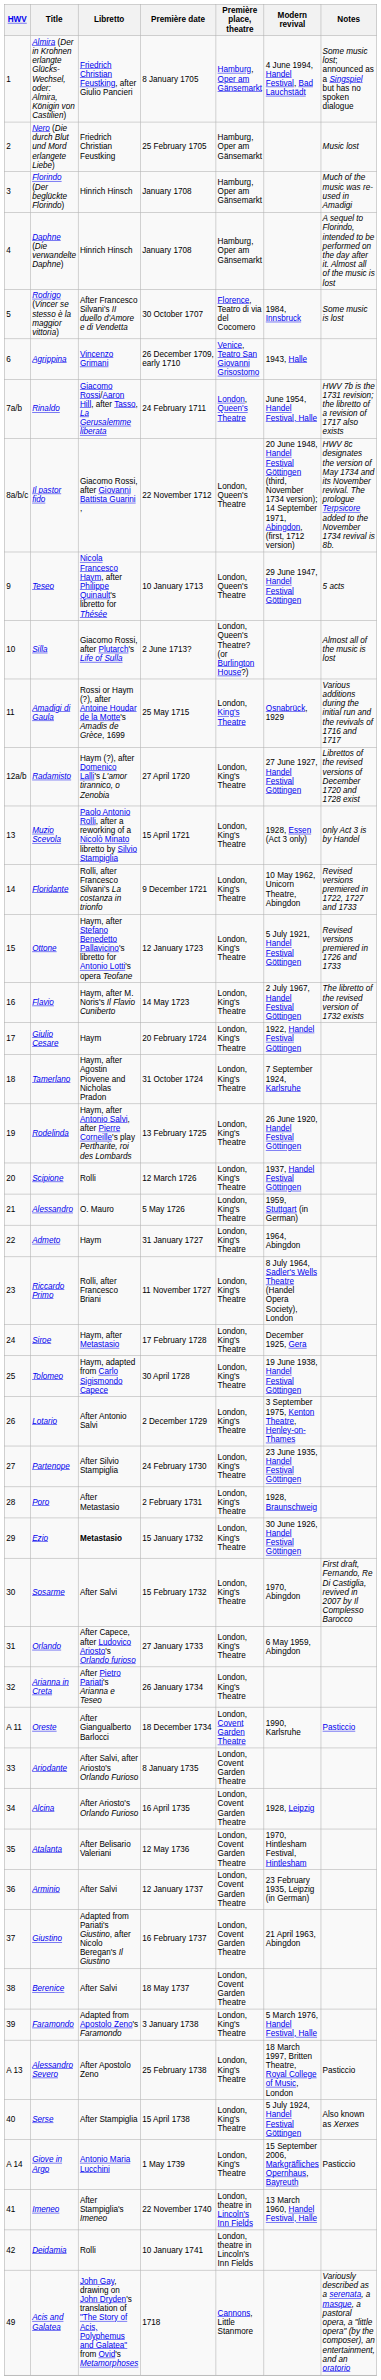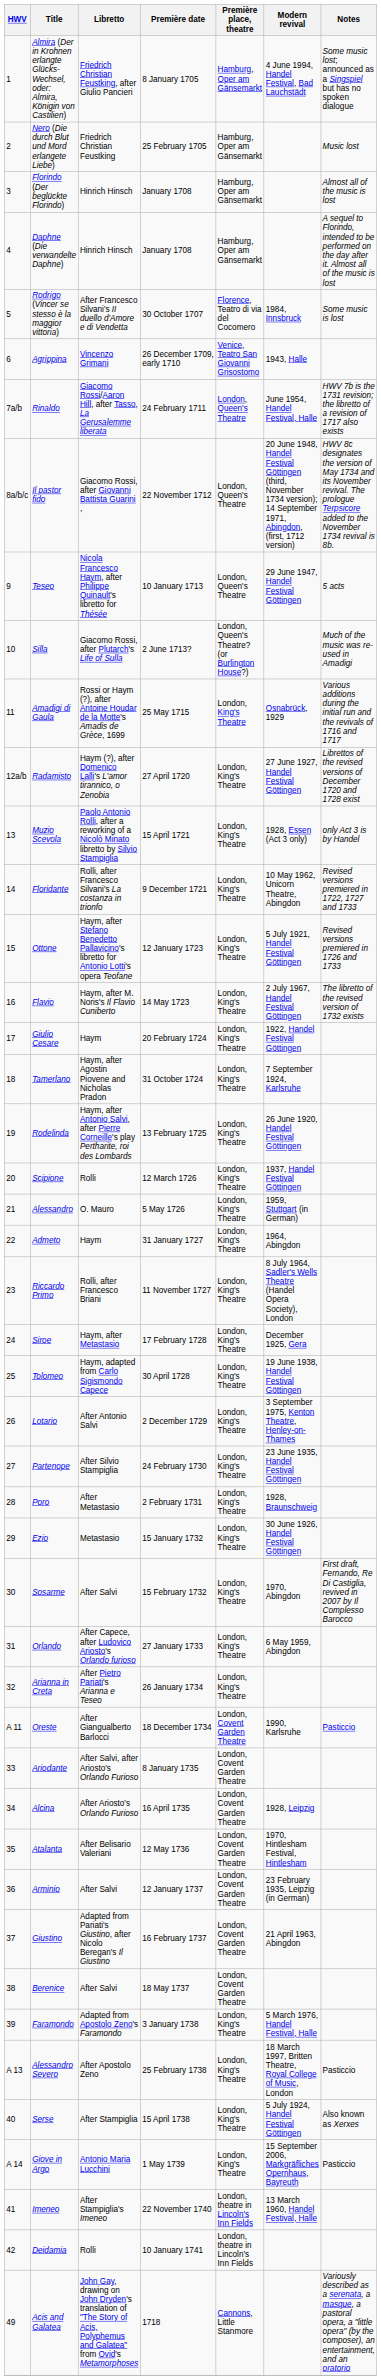 <table class="wikitable sortable">
 <tr>
 <th><a href='#'>HWV</a></th>
 <th>Title</th>
 <th>Libretto</th>
 <th>Première date</th>
 <th>Première place, theatre</th>
 <th>Modern revival</th>
 <th class="unsortable">Notes</th>
 </tr>
 <tr>
 <td>1</td>
 <td><em><a href='#'>Almira</a></em> (<em>Der in Krohnen erlangte Glücks-Wechsel, oder: Almira, Königin von Castilien</em>)</td>
 <td><a href='#'>Friedrich Christian Feustking</a>, after Giulio Pancieri</td>
 <td>8 January 1705</td>
 <td><a href='#'>Hamburg</a>, <a href='#'>Oper am Gänsemarkt</a></td>
 <td>4 June 1994, <a href='#'>Handel Festival</a>, <a href='#'>Bad Lauchstädt</a></td>
 <td><em>Some music lost</em>; announced as a <em><a href='#'>Singspiel</a></em> but has no spoken dialogue</td>
 </tr>
 <tr>
 <td>2</td>
 <td><em><a href='#'>Nero</a></em> (<em>Die durch Blut und Mord erlangete Liebe</em>)</td>
 <td>Friedrich Christian Feustking</td>
 <td>25 February 1705</td>
 <td>Hamburg, Oper am Gänsemarkt</td>
 <td> </td>
 <td><em>Music lost</em></td>
 </tr>
 <tr>
 <td>3</td>
 <td><em><a href='#'>Florindo</a></em> (<em>Der beglückte Florindo</em>)</td>
 <td>Hinrich Hinsch</td>
 <td>January 1708</td>
 <td>Hamburg, Oper am Gänsemarkt</td>
 <td> </td>
-<td><em>Much of the music was re-used in Amadigi</em></td>
+<td><em>Almost all of the music is lost</em></td>
 </tr>
 <tr>
 <td>4</td>
 <td><em><a href='#'>Daphne</a></em> (<em>Die verwandelte Daphne</em>)</td>
 <td>Hinrich Hinsch</td>
 <td>January 1708</td>
 <td>Hamburg, Oper am Gänsemarkt</td>
 <td> </td>
 <td><em>A sequel to Florindo, intended to be performed on the day after it. Almost all of the music is lost</em></td>
 </tr>
 <tr>
 <td>5</td>
 <td><em><a href='#'>Rodrigo</a></em> (<em>Vincer se stesso è la maggior vittoria</em>)</td>
 <td>After Francesco Silvani's <em>II duello d'Amore e di Vendetta</em><br></td>
 <td>30 October 1707</td>
 <td><a href='#'>Florence</a>, Teatro di via del Cocomero</td>
 <td>1984, <a href='#'>Innsbruck</a></td>
 <td><em>Some music is lost</em></td>
 </tr>
 <tr>
 <td>6</td>
 <td><em><a href='#'>Agrippina</a></em></td>
 <td><a href='#'>Vincenzo Grimani</a></td>
 <td>26 December 1709, early 1710</td>
 <td><a href='#'>Venice</a>, <a href='#'>Teatro San Giovanni Grisostomo</a></td>
 <td>1943, <a href='#'>Halle</a></td>
 <td> </td>
 </tr>
 <tr>
 <td>7a/b</td>
 <td><em><a href='#'>Rinaldo</a></em></td>
 <td><a href='#'>Giacomo Rossi</a>/<a href='#'>Aaron Hill</a>, after <a href='#'>Tasso</a>, <em><a href='#'>La Gerusalemme liberata</a></em><br></td>
 <td>24 February 1711</td>
 <td><a href='#'>London</a>, <a href='#'>Queen's Theatre</a></td>
 <td>June 1954, <a href='#'>Handel Festival, Halle</a></td>
 <td><em>HWV 7b is the 1731 revision; the libretto of a revision of 1717 also exists</em></td>
 </tr>
 <tr>
 <td>8a/b/c</td>
 <td><em><a href='#'>Il pastor fido</a></em></td>
 <td>Giacomo Rossi, after <a href='#'>Giovanni Battista Guarini</a><br>, </td>
 <td>22 November 1712</td>
 <td>London, Queen's Theatre</td>
 <td>20 June 1948, <a href='#'>Handel Festival Göttingen</a> (third, November 1734 version); 14 September 1971, <a href='#'>Abingdon</a>, (first, 1712 version)</td>
 <td><em>HWV 8c designates the version of May 1734 and its November revival. The prologue <a href='#'>Terpsicore</a> added to the November 1734 revival is 8b.</em></td>
 </tr>
 <tr>
 <td>9</td>
 <td><em><a href='#'>Teseo</a></em></td>
 <td><a href='#'>Nicola Francesco Haym</a>, after <a href='#'>Philippe Quinault</a>'s libretto for <em><a href='#'>Thésée</a></em><br></td>
 <td>10 January 1713</td>
 <td>London, Queen's Theatre</td>
 <td>29 June 1947, <a href='#'>Handel Festival Göttingen</a></td>
 <td><em>5 acts</em></td>
 </tr>
 <tr>
 <td>10</td>
 <td><em><a href='#'>Silla</a></em></td>
 <td>Giacomo Rossi, after <a href='#'>Plutarch</a>'s <em><a href='#'>Life of Sulla</a></em><br></td>
 <td>2 June 1713?</td>
 <td>London, Queen's Theatre? (or <a href='#'>Burlington House</a>?)</td>
 <td> </td>
-<td><em>Almost all of the music is lost</em></td>
+<td><em>Much of the music was re-used in Amadigi</em></td>
 </tr>
 <tr>
 <td>11</td>
 <td><em><a href='#'>Amadigi di Gaula</a></em></td>
 <td>Rossi or Haym (?), after <a href='#'>Antoine Houdar de la Motte</a>'s <em>Amadis de Grèce</em>, 1699<br></td>
 <td>25 May 1715</td>
 <td>London, <a href='#'>King's Theatre</a></td>
 <td><a href='#'>Osnabrück</a>, 1929</td>
 <td><em>Various additions during the initial run and the revivals of 1716 and 1717</em></td>
 </tr>
 <tr>
 <td>12a/b</td>
 <td><em><a href='#'>Radamisto</a></em></td>
 <td>Haym (?), after <a href='#'>Domenico Lalli</a>'s <em>L'amor tirannico, o Zenobia</em><br></td>
 <td>27 April 1720</td>
 <td>London, King's Theatre</td>
 <td>27 June 1927, <a href='#'>Handel Festival Göttingen</a></td>
 <td><em>Librettos of the revised versions of December 1720 and 1728 exist</em></td>
 </tr>
 <tr>
 <td>13</td>
 <td><em><a href='#'>Muzio Scevola</a></em></td>
 <td><a href='#'>Paolo Antonio Rolli</a>, after a reworking of a <a href='#'>Nicolò Minato</a> libretto by <a href='#'>Silvio Stampiglia</a><br></td>
 <td>15 April 1721</td>
 <td>London, King's Theatre</td>
 <td>1928, <a href='#'>Essen</a> (Act 3 only)</td>
 <td><em>only Act 3 is by Handel</em></td>
 </tr>
 <tr>
 <td>14</td>
 <td><em><a href='#'>Floridante</a></em></td>
 <td>Rolli, after Francesco Silvani's <em>La costanza in trionfo</em><br></td>
 <td>9 December 1721</td>
 <td>London, King's Theatre</td>
 <td>10 May 1962, Unicorn Theatre, Abingdon</td>
 <td><em>Revised versions premiered in 1722, 1727 and 1733</em></td>
 </tr>
 <tr>
 <td>15</td>
 <td><em><a href='#'>Ottone</a></em></td>
 <td>Haym, after <a href='#'>Stefano Benedetto Pallavicino</a>'s libretto for <a href='#'>Antonio Lotti</a>'s opera <em>Teofane</em><br></td>
 <td>12 January 1723</td>
 <td>London, King's Theatre</td>
 <td>5 July 1921, <a href='#'>Handel Festival Göttingen</a></td>
 <td><em>Revised versions premiered in 1726 and 1733</em></td>
 </tr>
 <tr>
 <td>16</td>
 <td><em><a href='#'>Flavio</a></em></td>
 <td>Haym, after M. Noris's <em>Il Flavio Cuniberto</em><br></td>
 <td>14 May 1723</td>
 <td>London, King's Theatre</td>
 <td>2 July 1967, <a href='#'>Handel Festival Göttingen</a></td>
 <td><em>The libretto of the revised version of 1732 exists</em></td>
 </tr>
 <tr>
 <td>17</td>
 <td><em><a href='#'>Giulio Cesare</a></em></td>
 <td>Haym<br></td>
 <td>20 February 1724</td>
 <td>London, King's Theatre</td>
 <td>1922, <a href='#'>Handel Festival Göttingen</a></td>
 <td> </td>
 </tr>
 <tr>
 <td>18</td>
 <td><em><a href='#'>Tamerlano</a></em></td>
 <td>Haym, after Agostin Piovene and Nicholas Pradon<br></td>
 <td>31 October 1724</td>
 <td>London, King's Theatre</td>
 <td>7 September 1924, <a href='#'>Karlsruhe</a></td>
 <td> </td>
 </tr>
 <tr>
 <td>19</td>
 <td><em><a href='#'>Rodelinda</a></em></td>
 <td>Haym, after <a href='#'>Antonio Salvi</a>, after <a href='#'>Pierre Corneille</a>'s play <em>Pertharite, roi des Lombards</em><br></td>
 <td>13 February 1725</td>
 <td>London, King's Theatre</td>
 <td>26 June 1920, <a href='#'>Handel Festival Göttingen</a></td>
 <td> </td>
 </tr>
 <tr>
 <td>20</td>
 <td><em><a href='#'>Scipione</a></em></td>
 <td>Rolli<br></td>
 <td>12 March 1726</td>
 <td>London, King's Theatre</td>
 <td>1937, <a href='#'>Handel Festival Göttingen</a></td>
 <td> </td>
 </tr>
 <tr>
 <td>21</td>
 <td><em><a href='#'>Alessandro</a></em></td>
 <td>O. Mauro<br></td>
 <td>5 May 1726</td>
 <td>London, King's Theatre</td>
 <td>1959, <a href='#'>Stuttgart</a> (in German)</td>
 <td> </td>
 </tr>
 <tr>
 <td>22</td>
 <td><em><a href='#'>Admeto</a></em></td>
 <td>Haym<br></td>
 <td>31 January 1727</td>
 <td>London, King's Theatre</td>
 <td>1964, Abingdon</td>
 <td> </td>
 </tr>
 <tr>
 <td>23</td>
 <td><em><a href='#'>Riccardo Primo</a></em></td>
 <td>Rolli, after Francesco Briani<br></td>
 <td>11 November 1727</td>
 <td>London, King's Theatre</td>
 <td>8 July 1964, <a href='#'>Sadler's Wells Theatre</a> (Handel Opera Society), London</td>
 <td> </td>
 </tr>
 <tr>
 <td>24</td>
 <td><em><a href='#'>Siroe</a></em></td>
 <td>Haym, after <a href='#'>Metastasio</a><br></td>
 <td>17 February 1728</td>
 <td>London, King's Theatre</td>
 <td>December 1925, <a href='#'>Gera</a></td>
 <td> </td>
 </tr>
 <tr>
 <td>25</td>
 <td><em><a href='#'>Tolomeo</a></em></td>
 <td>Haym, adapted from <a href='#'>Carlo Sigismondo Capece</a><br></td>
 <td>30 April 1728</td>
 <td>London, King's Theatre</td>
 <td>19 June 1938, <a href='#'>Handel Festival Göttingen</a></td>
 <td> </td>
 </tr>
 <tr>
 <td>26</td>
 <td><em><a href='#'>Lotario</a></em></td>
 <td>After Antonio Salvi<br></td>
 <td>2 December 1729</td>
 <td>London, King's Theatre</td>
 <td>3 September 1975, <a href='#'>Kenton Theatre</a>, <a href='#'>Henley-on-Thames</a></td>
 <td> </td>
 </tr>
 <tr>
 <td>27</td>
 <td><em><a href='#'>Partenope</a></em></td>
 <td>After Silvio Stampiglia<br></td>
 <td>24 February 1730</td>
 <td>London, King's Theatre</td>
 <td>23 June 1935, <a href='#'>Handel Festival Göttingen</a></td>
 <td> </td>
 </tr>
 <tr>
 <td>28</td>
 <td><em><a href='#'>Poro</a></em></td>
 <td>After Metastasio<br></td>
 <td>2 February 1731</td>
 <td>London, King's Theatre</td>
 <td>1928, <a href='#'>Braunschweig</a></td>
 <td> </td>
 </tr>
 <tr>
 <td>29</td>
 <td><em><a href='#'>Ezio</a></em></td>
-<td><strong>Metastasio<br></strong></td>
+<td>Metastasio<br></td>
 <td>15 January 1732</td>
 <td>London, King's Theatre</td>
 <td>30 June 1926, <a href='#'>Handel Festival Göttingen</a></td>
 <td> </td>
 </tr>
 <tr>
 <td>30</td>
 <td><em><a href='#'>Sosarme</a></em></td>
 <td>After Salvi<br></td>
 <td>15 February 1732</td>
 <td>London, King's Theatre</td>
 <td>1970, Abingdon</td>
 <td><em>First draft, Fernando, Re Di Castiglia, revived in 2007 by Il Complesso Barocco</em></td>
 </tr>
 <tr>
 <td>31</td>
 <td><em><a href='#'>Orlando</a></em></td>
 <td>After Capece, after <a href='#'>Ludovico Ariosto</a>'s <em><a href='#'>Orlando furioso</a></em><br></td>
 <td>27 January 1733</td>
 <td>London, King's Theatre</td>
 <td>6 May 1959, Abingdon</td>
 <td> </td>
 </tr>
 <tr>
 <td>32</td>
 <td><em><a href='#'>Arianna in Creta</a></em></td>
 <td>After <a href='#'>Pietro Pariati</a>'s <em>Arianna e Teseo</em></td>
 <td>26 January 1734</td>
 <td>London, King's Theatre</td>
 <td> </td>
 <td> </td>
 </tr>
 <tr>
 <td>A 11</td>
 <td><em><a href='#'>Oreste</a></em></td>
 <td>After Giangualberto Barlocci</td>
 <td>18 December 1734</td>
 <td>London, <a href='#'>Covent Garden Theatre</a></td>
 <td>1990, Karlsruhe</td>
 <td><a href='#'>Pasticcio</a></td>
 </tr>
 <tr>
 <td>33</td>
 <td><em><a href='#'>Ariodante</a></em></td>
 <td>After Salvi, after Ariosto's <em>Orlando Furioso</em><br></td>
 <td>8 January 1735</td>
 <td>London, Covent Garden Theatre</td>
 <td> </td>
 <td> </td>
 </tr>
 <tr>
 <td>34</td>
 <td><em><a href='#'>Alcina</a></em></td>
 <td>After Ariosto's <em>Orlando Furioso</em><br></td>
 <td>16 April 1735</td>
 <td>London, Covent Garden Theatre</td>
 <td>1928, <a href='#'>Leipzig</a></td>
 <td> </td>
 </tr>
 <tr>
 <td>35</td>
 <td><em><a href='#'>Atalanta</a></em></td>
 <td>After Belisario Valeriani<br></td>
 <td>12 May 1736</td>
 <td>London, Covent Garden Theatre</td>
 <td>1970, Hintlesham Festival, <a href='#'>Hintlesham</a></td>
 <td> </td>
 </tr>
 <tr>
 <td>36</td>
 <td><em><a href='#'>Arminio</a></em></td>
 <td>After Salvi<br></td>
 <td>12 January 1737</td>
 <td>London, Covent Garden Theatre</td>
 <td>23 February 1935, Leipzig (in German)</td>
 <td> </td>
 </tr>
 <tr>
 <td>37</td>
 <td><em><a href='#'>Giustino</a></em></td>
 <td>Adapted from Pariati's <em>Giustino</em>, after Nicolo Beregan's <em>Il Giustino</em><br></td>
 <td>16 February 1737</td>
 <td>London, Covent Garden Theatre</td>
 <td>21 April 1963, Abingdon</td>
 <td> </td>
 </tr>
 <tr>
 <td>38</td>
 <td><em><a href='#'>Berenice</a></em></td>
 <td>After Salvi</td>
 <td>18 May 1737</td>
 <td>London, Covent Garden Theatre</td>
 <td> </td>
 <td> </td>
 </tr>
 <tr>
 <td>39</td>
 <td><em><a href='#'>Faramondo</a></em></td>
 <td>Adapted from <a href='#'>Apostolo Zeno</a>'s <em>Faramondo</em><br></td>
 <td>3 January 1738</td>
 <td>London, King's Theatre</td>
 <td>5 March 1976, <a href='#'>Handel Festival, Halle</a></td>
 <td> </td>
 </tr>
 <tr>
 <td>A 13</td>
 <td><em><a href='#'>Alessandro Severo</a></em></td>
 <td>After Apostolo Zeno</td>
 <td>25 February 1738</td>
 <td>London, King's Theatre</td>
 <td>18 March 1997, Britten Theatre, <a href='#'>Royal College of Music</a>, London</td>
 <td>Pasticcio</td>
 </tr>
 <tr>
 <td>40</td>
 <td><em><a href='#'>Serse</a></em></td>
 <td>After Stampiglia<br></td>
 <td>15 April 1738</td>
 <td>London, King's Theatre</td>
 <td>5 July 1924, <a href='#'>Handel Festival Göttingen</a></td>
 <td>Also known as <em>Xerxes</em></td>
 </tr>
 <tr>
 <td>A 14</td>
 <td><em><a href='#'>Giove in Argo</a></em></td>
 <td><a href='#'>Antonio Maria Lucchini</a></td>
 <td>1 May 1739</td>
 <td>London, King's Theatre</td>
 <td>15 September 2006, <a href='#'>Markgräfliches Opernhaus</a>, <a href='#'>Bayreuth</a></td>
 <td>Pasticcio</td>
 </tr>
 <tr>
 <td>41</td>
 <td><em><a href='#'>Imeneo</a></em></td>
 <td>After Stampiglia's <em>Imeneo</em></td>
 <td>22 November 1740</td>
 <td>London, theatre in <a href='#'>Lincoln's Inn Fields</a></td>
 <td>13 March 1960, <a href='#'>Handel Festival, Halle</a></td>
 <td> </td>
 </tr>
 <tr>
 <td>42</td>
 <td><em><a href='#'>Deidamia</a></em></td>
 <td>Rolli<br></td>
 <td>10 January 1741</td>
 <td>London, theatre in Lincoln's Inn Fields</td>
 <td> </td>
 <td> </td>
 </tr>
 <tr>
 <td>49</td>
 <td><em><a href='#'>Acis and Galatea</a></em></td>
 <td><a href='#'>John Gay</a>, drawing on <a href='#'>John Dryden</a>'s translation of <a href='#'>"The Story of Acis, Polyphemus and Galatea"</a> from <a href='#'>Ovid</a>'s <em><a href='#'>Metamorphoses</a></em></td>
 <td>1718</td>
 <td><a href='#'>Cannons</a>, Little Stanmore</td>
 <td> </td>
 <td><em>Variously described as a <a href='#'>serenata</a>, a <a href='#'>masque</a>, a pastoral opera, a "little opera" (by the composer), an entertainment, and an <a href='#'>oratorio</a></em></td>
 </tr>
 <tr>
 </tr>
 </table>
